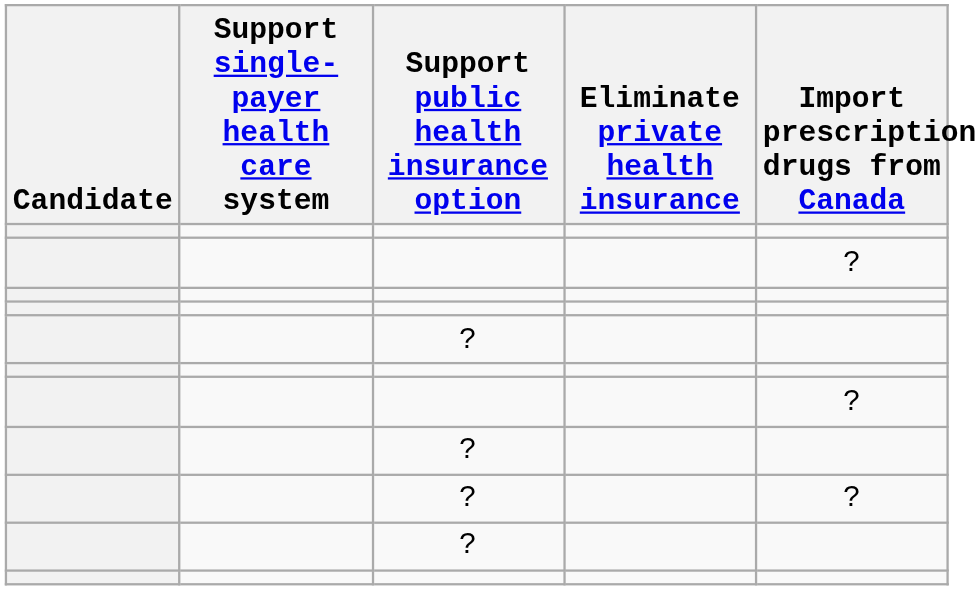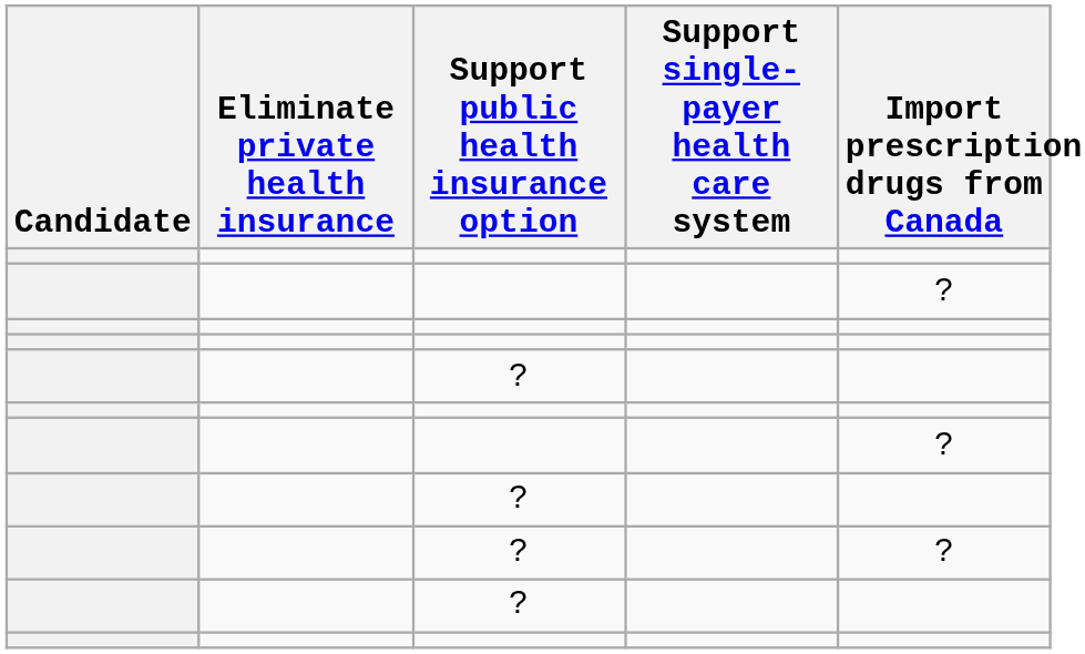 <table class="wikitable sortable" style=margin:auto;table-layout:fixed;text-align:center>
 <tr valign=bottom>
 <th>Candidate</th>
+<th style=max-width:6em>Eliminate <a href='#'>private health insurance</a></th>
+<th style=max-width:6em>Support <a href='#'>public health insurance option</a></th>
 <th style=max-width:6em>Support <a href='#'>single-payer health care</a> system</th>
-<th style=max-width:6em>Support <a href='#'>public health insurance option</a></th>
-<th style=max-width:6em>Eliminate <a href='#'>private health insurance</a></th>
 <th style=max-width:6em>Import prescription drugs from <a href='#'>Canada</a></th>
 </tr>
 <tr ->
 <th></th>
 <td></td>
 <td></td>
 <td></td>
 <td></td>
 </tr>
 <tr>
 <th></th>
 <td></td>
 <td></td>
 <td></td>
 <td>?</td>
 </tr>
 <tr>
 <th></th>
 <td></td>
 <td></td>
 <td></td>
 <td></td>
 </tr>
 <tr>
 <th></th>
 <td></td>
 <td></td>
 <td></td>
 <td></td>
 </tr>
 <tr>
 <th></th>
 <td></td>
 <td>?</td>
 <td></td>
 <td></td>
 </tr>
 <tr>
 <th></th>
 <td></td>
 <td></td>
 <td></td>
 <td></td>
 </tr>
 <tr>
 <th></th>
 <td></td>
 <td></td>
 <td></td>
 <td>?</td>
 </tr>
 <tr>
 <th></th>
 <td></td>
 <td>?</td>
 <td></td>
 <td></td>
 </tr>
 <tr>
 <th></th>
 <td></td>
 <td>?</td>
 <td></td>
 <td>?</td>
 </tr>
 <tr>
 <th></th>
 <td></td>
 <td>?</td>
 <td></td>
 <td></td>
 </tr>
 <tr>
 <th></th>
 <td></td>
 <td></td>
 <td></td>
 <td></td>
 </tr>
 </table>
